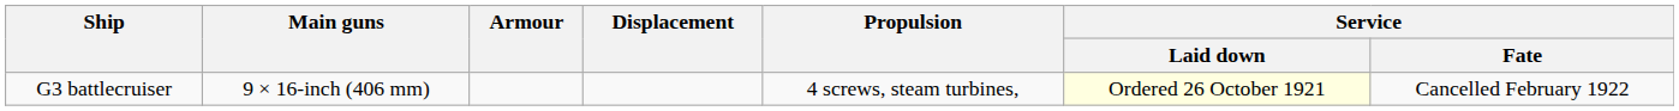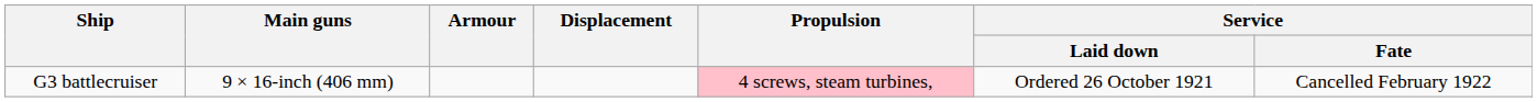 <table class="wikitable" width=100%>
 <tr valign="top">
 <th align= center rowspan=2>Ship</th>
 <th align= center rowspan=2>Main guns</th>
 <th align= center rowspan=2>Armour</th>
 <th align= center rowspan=2>Displacement</th>
 <th align= center rowspan=2>Propulsion</th>
 <th align= center colspan=2>Service</th>
 </tr>
 <tr valign="top">
 <th align= center>Laid down</th>
 <th align= center>Fate</th>
 </tr>
 <tr valign="center">
 <td align= center>G3 battlecruiser</td>
 <td align= center>9 × 16-inch (406 mm)</td>
 <td align= center></td>
 <td align= center></td>
-<td align= center>4 screws, steam turbines, </td>
-<td align= center style="background: lightyellow;">Ordered 26 October 1921</td>
+<td align= center style="background: pink;">4 screws, steam turbines, </td>
+<td align= center>Ordered 26 October 1921</td>
 <td align= center>Cancelled February 1922</td>
 </tr>
 </table>
